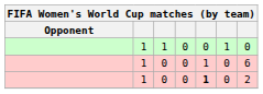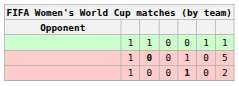 <table class="wikitable sortable" style="text-align: center;">
 <tr>
 <th colspan=7>FIFA Women's World Cup matches (by team)</th>
 </tr>
 <tr>
 <th>Opponent</th>
 <th style="width:20px;"></th>
 <th style="width:20px;"></th>
 <th style="width:20px;"></th>
 <th style="width:20px;"></th>
 <th style="width:20px;"></th>
 <th style="width:20px;"></th>
 </tr>
 <tr bgcolor=#CCFFCC>
 <td align="left"></td>
 <td>1</td>
 <td>1</td>
 <td>0</td>
 <td>0</td>
 <td>1</td>
-<td>0</td>
+<td>1</td>
 </tr>
 <tr bgcolor=#FFCCCC>
 <td align="left"></td>
 <td>1</td>
-<td>0</td>
+<td><strong>0</strong></td>
 <td>0</td>
 <td>1</td>
 <td>0</td>
-<td>6</td>
+<td>5</td>
 </tr>
 <tr bgcolor=#FFCCCC>
 <td align="left"></td>
 <td>1</td>
 <td>0</td>
 <td>0</td>
 <td><strong>1</strong></td>
 <td>0</td>
 <td>2</td>
 </tr>
 <tr>
 </tr>
 </table>
